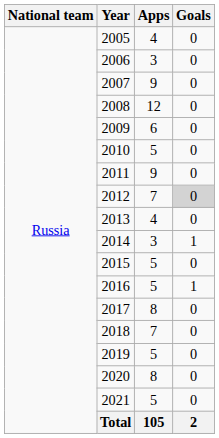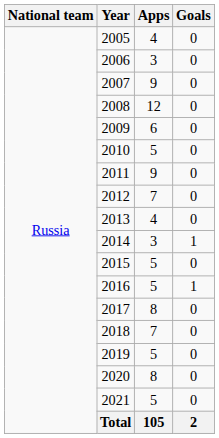 <table class="wikitable" style="text-align:center">
 <tr>
 <th>National team</th>
 <th>Year</th>
 <th>Apps</th>
 <th>Goals</th>
 </tr>
 <tr>
 <td rowspan="18"><a href='#'>Russia</a></td>
 <td>2005</td>
 <td>4</td>
 <td>0</td>
 </tr>
 <tr>
 <td>2006</td>
 <td>3</td>
 <td>0</td>
 </tr>
 <tr>
 <td>2007</td>
 <td>9</td>
 <td>0</td>
 </tr>
 <tr>
 <td>2008</td>
 <td>12</td>
 <td>0</td>
 </tr>
 <tr>
 <td>2009</td>
 <td>6</td>
 <td>0</td>
 </tr>
 <tr>
 <td>2010</td>
 <td>5</td>
 <td>0</td>
 </tr>
 <tr>
 <td>2011</td>
 <td>9</td>
 <td>0</td>
 </tr>
 <tr>
 <td>2012</td>
 <td>7</td>
-<td style="background: lightgrey;">0</td>
+<td>0</td>
 </tr>
 <tr>
 <td>2013</td>
 <td>4</td>
 <td>0</td>
 </tr>
 <tr>
 <td>2014</td>
 <td>3</td>
 <td>1</td>
 </tr>
 <tr>
 <td>2015</td>
 <td>5</td>
 <td>0</td>
 </tr>
 <tr>
 <td>2016</td>
 <td>5</td>
 <td>1</td>
 </tr>
 <tr>
 <td>2017</td>
 <td>8</td>
 <td>0</td>
 </tr>
 <tr>
 <td>2018</td>
 <td>7</td>
 <td>0</td>
 </tr>
 <tr>
 <td>2019</td>
 <td>5</td>
 <td>0</td>
 </tr>
 <tr>
 <td>2020</td>
 <td>8</td>
 <td>0</td>
 </tr>
 <tr>
 <td>2021</td>
 <td>5</td>
 <td>0</td>
 </tr>
 <tr>
 <th>Total</th>
 <th>105</th>
 <th>2</th>
 </tr>
 </table>
